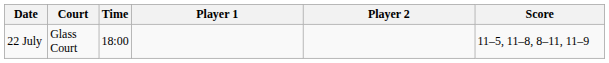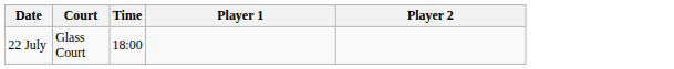 <table class="sortable wikitable" style="font-size:90%">
 <tr>
 <th width="45" class="unsortable">Date</th>
 <th width="55">Court</th>
 <th width="30">Time</th>
 <th width="200">Player 1</th>
 <th width="200">Player 2</th>
-<th width="150" class="unsortable">Score</th>
 </tr>
 <tr>
 <td>22 July</td>
 <td>Glass Court</td>
 <td>18:00</td>
 <td><strong></strong></td>
 <td></td>
-<td>11–5, 11–8, 8–11, 11–9</td>
 </tr>
 </table>
